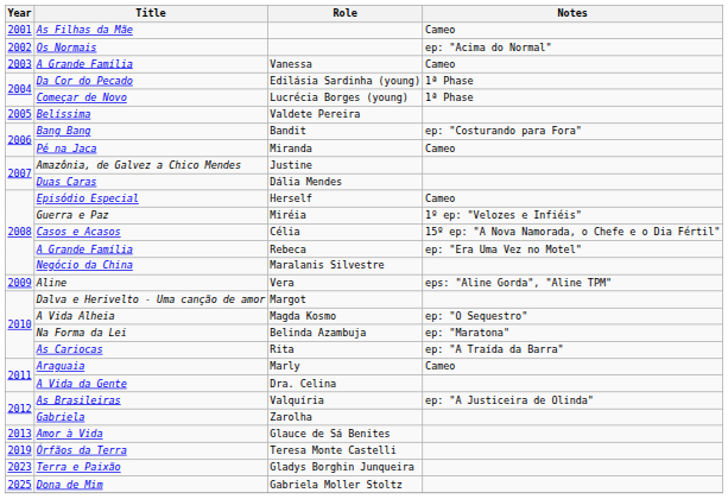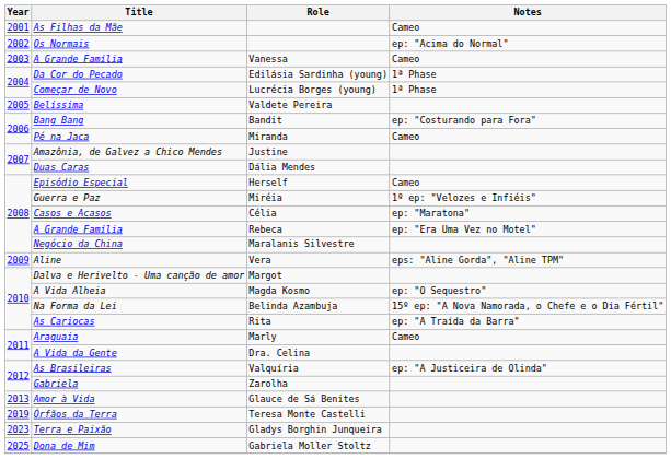 <table class="wikitable" style="font-size: 90%;">
 <tr>
 <th>Year</th>
 <th>Title</th>
 <th>Role</th>
 <th>Notes</th>
 </tr>
 <tr>
 <td><a href='#'>2001</a></td>
 <td><em><a href='#'>As Filhas da Mãe</a></em></td>
 <td></td>
 <td>Cameo</td>
 </tr>
 <tr>
 <td><a href='#'>2002</a></td>
 <td><em><a href='#'>Os Normais</a></em></td>
 <td></td>
 <td>ep: "Acima do Normal"</td>
 </tr>
 <tr>
 <td><a href='#'>2003</a></td>
 <td><em><a href='#'>A Grande Família</a></em></td>
 <td>Vanessa</td>
 <td>Cameo</td>
 </tr>
 <tr>
 <td rowspan="2"><a href='#'>2004</a></td>
 <td><em><a href='#'>Da Cor do Pecado</a></em></td>
 <td>Edilásia Sardinha (young)</td>
 <td>1ª Phase</td>
 </tr>
 <tr>
 <td><em><a href='#'>Começar de Novo</a></em></td>
 <td>Lucrécia Borges (young)</td>
 <td>1ª Phase</td>
 </tr>
 <tr>
 <td><a href='#'>2005</a></td>
 <td><em><a href='#'>Belíssima</a></em></td>
 <td>Valdete Pereira</td>
 <td></td>
 </tr>
 <tr>
 <td rowspan="2"><a href='#'>2006</a></td>
 <td><em><a href='#'>Bang Bang</a></em></td>
 <td>Bandit</td>
 <td>ep: "Costurando para Fora"</td>
 </tr>
 <tr>
 <td><em><a href='#'>Pé na Jaca</a></em></td>
 <td>Miranda</td>
 <td>Cameo</td>
 </tr>
 <tr>
 <td rowspan="2"><a href='#'>2007</a></td>
 <td><em>Amazônia, de Galvez a Chico Mendes</em></td>
 <td>Justine</td>
 <td></td>
 </tr>
 <tr>
 <td><em><a href='#'>Duas Caras</a></em></td>
 <td>Dália Mendes</td>
 <td></td>
 </tr>
 <tr>
 <td rowspan="5"><a href='#'>2008</a></td>
 <td><em><a href='#'>Episódio Especial</a></em></td>
 <td>Herself</td>
 <td>Cameo</td>
 </tr>
 <tr>
 <td><em>Guerra e Paz</em></td>
 <td>Miréia</td>
 <td>1º ep: "Velozes e Infiéis"</td>
 </tr>
 <tr>
 <td><em><a href='#'>Casos e Acasos</a></em></td>
 <td>Célia</td>
-<td>15º ep: "A Nova Namorada, o Chefe e o Dia Fértil"</td>
+<td>ep: "Maratona"</td>
 </tr>
 <tr>
 <td><em><a href='#'>A Grande Família</a></em></td>
 <td>Rebeca</td>
 <td>ep: "Era Uma Vez no Motel"</td>
 </tr>
 <tr>
 <td><em><a href='#'>Negócio da China</a></em></td>
 <td>Maralanis Silvestre</td>
 <td></td>
 </tr>
 <tr>
 <td><a href='#'>2009</a></td>
 <td><em>Aline</em></td>
 <td>Vera</td>
 <td>eps: "Aline Gorda", "Aline TPM"</td>
 </tr>
 <tr>
 <td rowspan="4"><a href='#'>2010</a></td>
 <td><em>Dalva e Herivelto - Uma canção de amor</em></td>
 <td>Margot</td>
 <td></td>
 </tr>
 <tr>
 <td><em>A Vida Alheia</em></td>
 <td>Magda Kosmo</td>
 <td>ep: "O Sequestro"</td>
 </tr>
 <tr>
 <td><em>Na Forma da Lei</em></td>
 <td>Belinda Azambuja</td>
-<td>ep: "Maratona"</td>
+<td>15º ep: "A Nova Namorada, o Chefe e o Dia Fértil"</td>
 </tr>
 <tr>
 <td><em><a href='#'>As Cariocas</a></em></td>
 <td>Rita</td>
 <td>ep: "A Traída da Barra"</td>
 </tr>
 <tr>
 <td rowspan="2"><a href='#'>2011</a></td>
 <td><em><a href='#'>Araguaia</a></em></td>
 <td>Marly</td>
 <td>Cameo</td>
 </tr>
 <tr>
 <td><em><a href='#'>A Vida da Gente</a></em></td>
 <td>Dra. Celina</td>
 <td></td>
 </tr>
 <tr>
 <td rowspan="2"><a href='#'>2012</a></td>
 <td><em><a href='#'>As Brasileiras</a></em></td>
 <td>Valquíria</td>
 <td>ep: "A Justiceira de Olinda"</td>
 </tr>
 <tr>
 <td><em><a href='#'>Gabriela</a></em></td>
 <td>Zarolha</td>
 <td></td>
 </tr>
 <tr>
 <td><a href='#'>2013</a></td>
 <td><em><a href='#'>Amor à Vida</a></em></td>
 <td>Glauce de Sá Benites</td>
 <td></td>
 </tr>
 <tr>
 <td><a href='#'>2019</a></td>
 <td><em><a href='#'>Órfãos da Terra</a></em></td>
 <td>Teresa Monte Castelli</td>
 <td></td>
 </tr>
 <tr>
 <td><a href='#'>2023</a></td>
 <td><em><a href='#'>Terra e Paixão</a></em></td>
 <td>Gladys Borghin Junqueira</td>
 <td></td>
 </tr>
 <tr>
 <td><a href='#'>2025</a></td>
 <td><em><a href='#'>Dona de Mim</a></em></td>
 <td>Gabriela Moller Stoltz</td>
 <td></td>
 </tr>
 <tr>
 </tr>
 </table>
